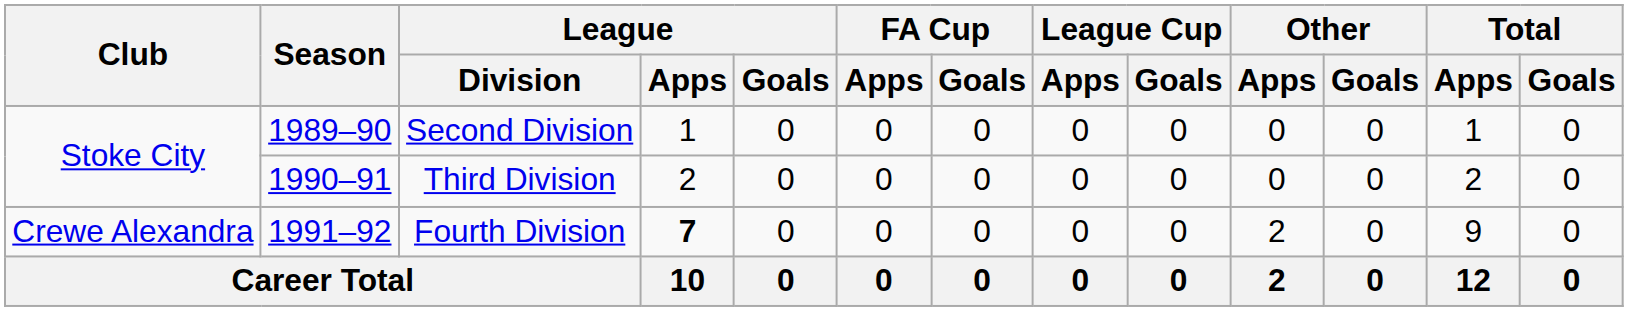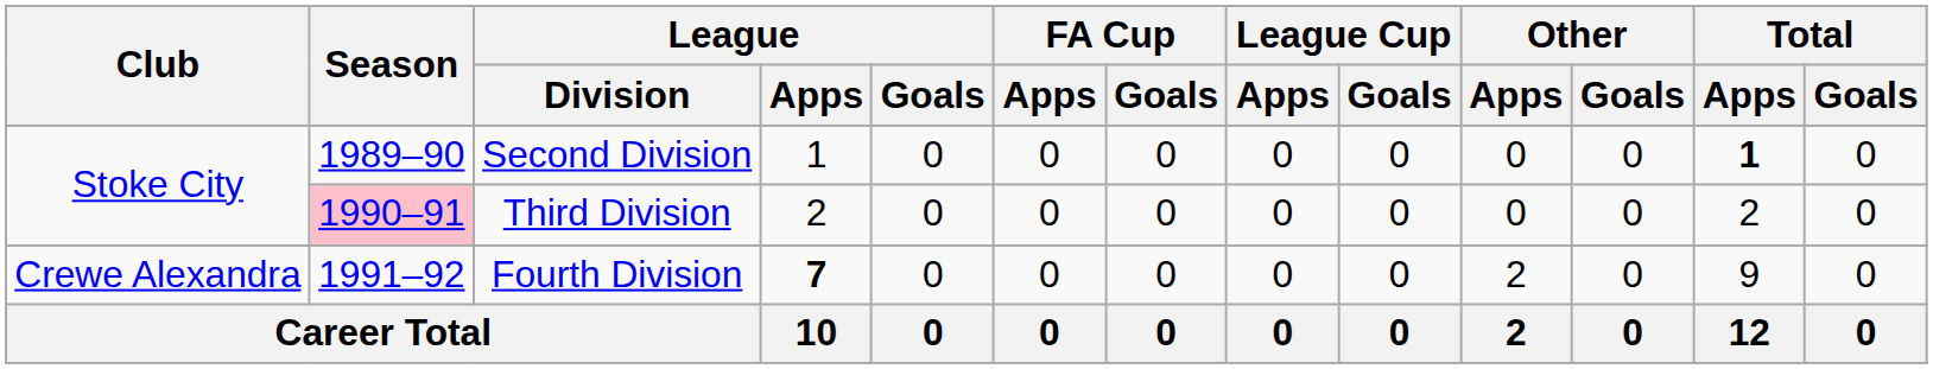 <table class="wikitable" style="text-align: center;">
 <tr>
 <th rowspan="2">Club</th>
 <th rowspan="2">Season</th>
 <th colspan="3">League</th>
 <th colspan="2">FA Cup</th>
 <th colspan="2">League Cup</th>
 <th colspan="2">Other</th>
 <th colspan="2">Total</th>
 </tr>
 <tr>
 <th>Division</th>
 <th>Apps</th>
 <th>Goals</th>
 <th>Apps</th>
 <th>Goals</th>
 <th>Apps</th>
 <th>Goals</th>
 <th>Apps</th>
 <th>Goals</th>
 <th>Apps</th>
 <th>Goals</th>
 </tr>
 <tr>
 <td rowspan="2"><a href='#'>Stoke City</a></td>
 <td><a href='#'>1989–90</a></td>
 <td><a href='#'>Second Division</a></td>
 <td>1</td>
 <td>0</td>
 <td>0</td>
 <td>0</td>
 <td>0</td>
 <td>0</td>
 <td>0</td>
 <td>0</td>
-<td>1</td>
+<td><strong>1</strong></td>
 <td>0</td>
 </tr>
 <tr>
-<td><a href='#'>1990–91</a></td>
+<td style="background: pink;"><a href='#'>1990–91</a></td>
 <td><a href='#'>Third Division</a></td>
 <td>2</td>
 <td>0</td>
 <td>0</td>
 <td>0</td>
 <td>0</td>
 <td>0</td>
 <td>0</td>
 <td>0</td>
 <td>2</td>
 <td>0</td>
 </tr>
 <tr>
 <td><a href='#'>Crewe Alexandra</a></td>
 <td><a href='#'>1991–92</a></td>
 <td><a href='#'>Fourth Division</a></td>
 <td><strong>7</strong></td>
 <td>0</td>
 <td>0</td>
 <td>0</td>
 <td>0</td>
 <td>0</td>
 <td>2</td>
 <td>0</td>
 <td>9</td>
 <td>0</td>
 </tr>
 <tr>
 <th colspan="3">Career Total</th>
 <th>10</th>
 <th>0</th>
 <th>0</th>
 <th>0</th>
 <th>0</th>
 <th>0</th>
 <th>2</th>
 <th>0</th>
 <th>12</th>
 <th>0</th>
 </tr>
 </table>
